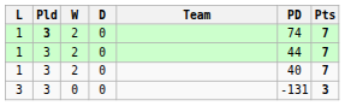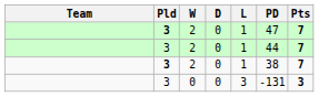 <table class="wikitable" style="text-align:center;">
 <tr>
-<th width=25 abbr="Lost">L</th>
+<th width=175>Team</th>
 <th width=25 abbr="Played">Pld</th>
 <th width=25 abbr="Won">W</th>
 <th width=25 abbr="Drawn">D</th>
-<th width=175>Team</th>
+<th width=25 abbr="Lost">L</th>
 <th width=32 abbr="Points difference">PD</th>
 <th width=25 abbr="Points">Pts</th>
 </tr>
 <tr style="background:#cfc;">
-<td>1</td>
+<td align="left"></td>
 <td><strong>3</strong></td>
 <td>2</td>
 <td>0</td>
-<td align="left"></td>
-<td>74</td>
+<td>1</td>
+<td>47</td>
 <td><strong>7</strong></td>
 </tr>
 <tr style="background:#cfc;">
-<td>1</td>
+<td align="left"></td>
 <td>3</td>
 <td>2</td>
 <td>0</td>
-<td align="left"></td>
+<td>1</td>
 <td>44</td>
 <td><strong>7</strong></td>
 </tr>
 <tr>
-<td>1</td>
-<td>3</td>
+<td align="left"></td>
+<td><strong>3</strong></td>
 <td>2</td>
 <td>0</td>
-<td align="left"></td>
-<td>40</td>
+<td>1</td>
+<td>38</td>
 <td><strong>7</strong></td>
 </tr>
 <tr>
-<td>3</td>
+<td align="left"></td>
 <td>3</td>
 <td>0</td>
 <td>0</td>
-<td align="left"></td>
+<td>3</td>
 <td>-131</td>
 <td><strong>3</strong></td>
 </tr>
 </table>
